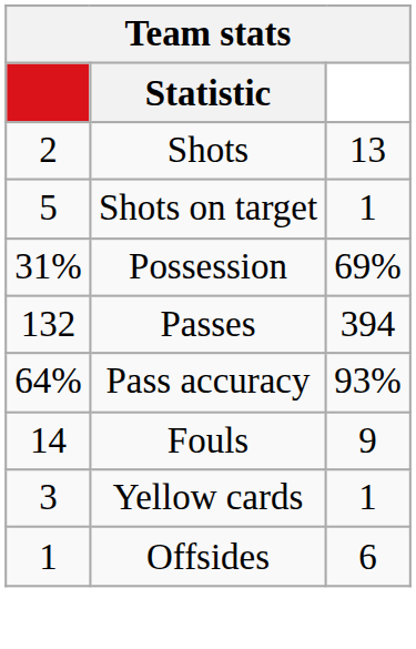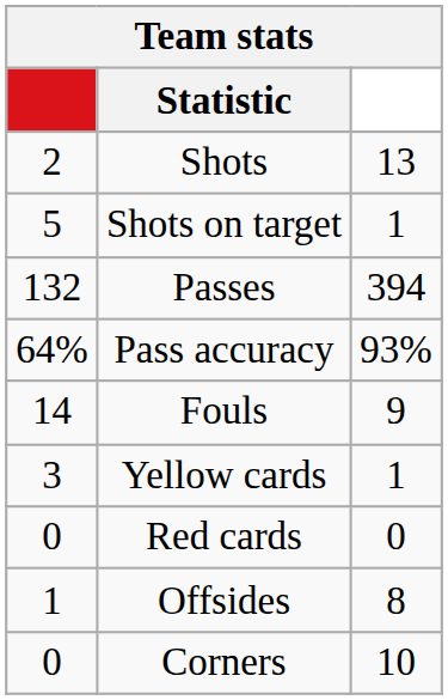 <table class="wikitable" style="margin-left: auto; margin-right: auto; border: none; text-align:center;">
 <tr>
 <th colspan=3>Team stats</th>
 </tr>
 <tr>
 <th style="background: #da121a; color: #000000;"> <a href='#'></a></th>
 <th>Statistic</th>
 <th style="background: #FFFFFF; color: #000000;"> <a href='#'></a></th>
 </tr>
 <tr>
 <td>2</td>
 <td>Shots</td>
 <td>13</td>
 </tr>
 <tr>
 <td>5</td>
 <td>Shots on target</td>
 <td>1</td>
-</tr>
-<tr>
-<td>31%</td>
-<td>Possession</td>
-<td>69%</td>
 </tr>
 <tr>
 <td>132</td>
 <td>Passes</td>
 <td>394</td>
 </tr>
 <tr>
 <td>64%</td>
 <td>Pass accuracy</td>
 <td>93%</td>
 </tr>
 <tr>
 <td>14</td>
 <td>Fouls</td>
 <td>9</td>
 </tr>
 <tr>
 <td>3</td>
 <td>Yellow cards</td>
 <td>1</td>
 </tr>
 <tr>
+<td>0</td>
+<td>Red cards</td>
+<td>0</td>
+</tr>
+<tr>
 <td>1</td>
 <td>Offsides</td>
-<td>6</td>
+<td>8</td>
+</tr>
+<tr>
+<td>0</td>
+<td>Corners</td>
+<td>10</td>
 </tr>
 </table>
